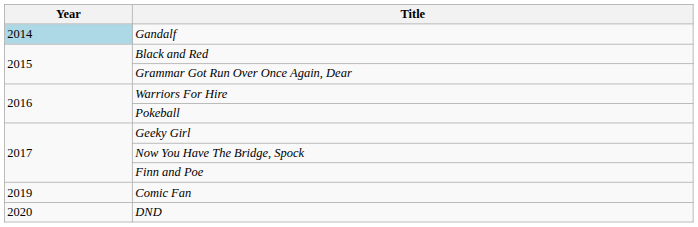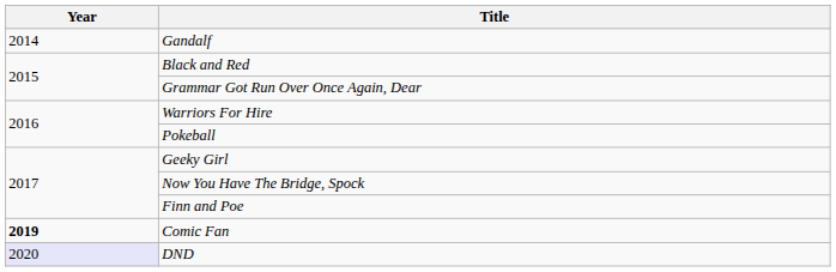 <table class="wikitable sortable" width=100%>
 <tr>
 <th style="width:40px;">Year</th>
 <th style="width:200px;">Title</th>
 </tr>
 <tr>
-<td style="background: lightblue;">2014</td>
+<td>2014</td>
 <td><em>Gandalf</em></td>
 </tr>
 <tr>
 <td rowspan="2">2015</td>
 <td><em>Black and Red</em></td>
 </tr>
 <tr>
 <td><em>Grammar Got Run Over Once Again, Dear</em></td>
 </tr>
 <tr>
 <td rowspan="2">2016</td>
 <td><em>Warriors For Hire</em></td>
 </tr>
 <tr>
 <td><em>Pokeball</em></td>
 </tr>
 <tr>
 <td rowspan="3">2017</td>
 <td><em>Geeky Girl</em></td>
 </tr>
 <tr>
 <td><em>Now You Have The Bridge, Spock</em></td>
 </tr>
 <tr>
 <td><em>Finn and Poe</em></td>
 </tr>
 <tr>
-<td>2019</td>
+<td><strong>2019</strong></td>
 <td><em>Comic Fan</em></td>
 </tr>
 <tr>
-<td>2020</td>
+<td style="background: lavender;">2020</td>
 <td><em>DND</em></td>
 </tr>
 </table>
